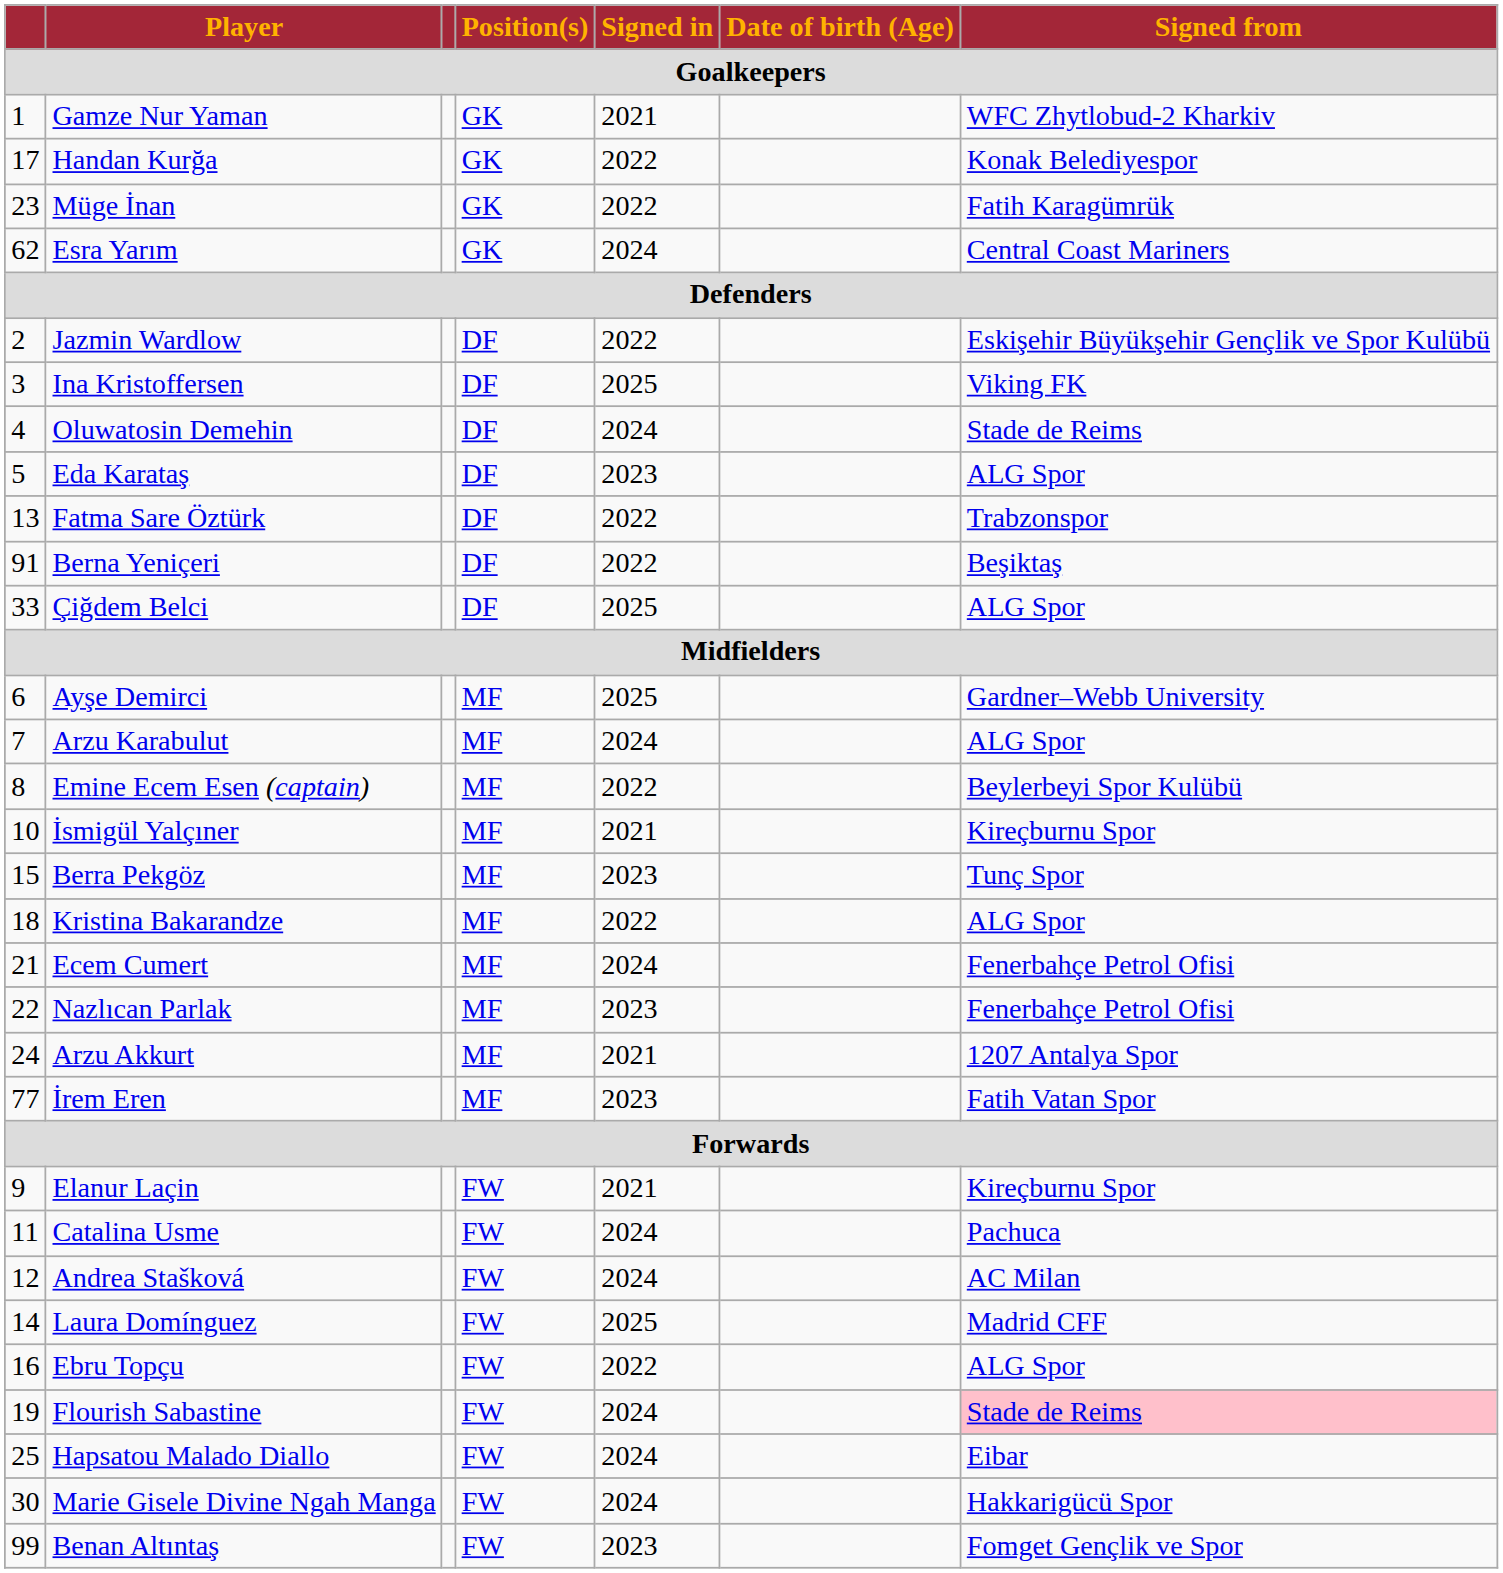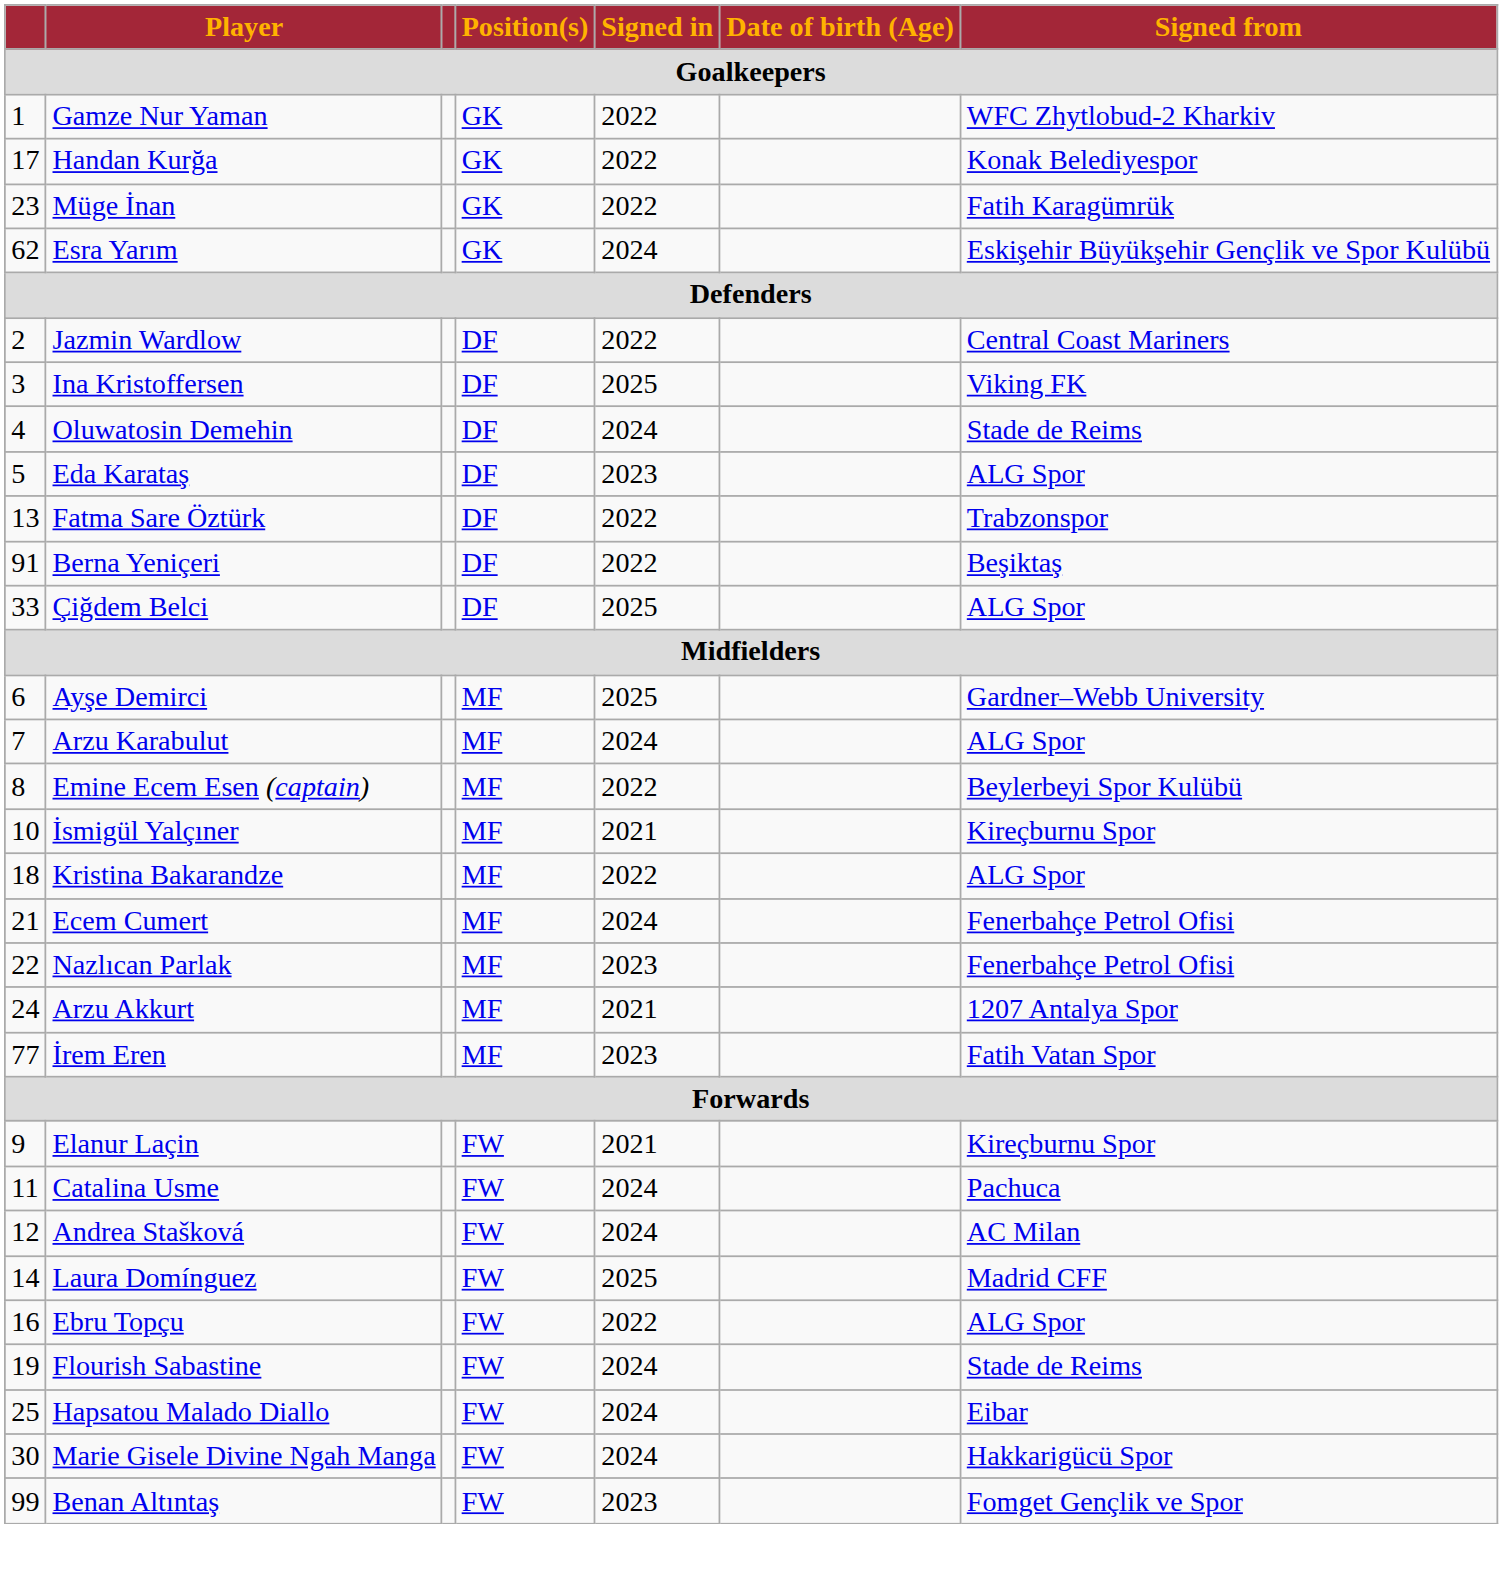 <table class="wikitable plainrowheaders sortable">
 <tr>
 <th style="background:#A32638; color:#FFB300; "></th>
 <th style="background:#A32638; color:#FFB300; ">Player</th>
 <th style="background:#A32638; color:#FFB300; "></th>
 <th style="background:#A32638; color:#FFB300; ">Position(s)</th>
 <th style="background:#A32638; color:#FFB300; ">Signed in</th>
 <th style="background:#A32638; color:#FFB300; ">Date of birth (Age)</th>
 <th style="background:#A32638; color:#FFB300; ">Signed from</th>
 </tr>
 <tr>
 <th colspan="7" style="background:#dcdcdc; text-align:center;">Goalkeepers</th>
 </tr>
 <tr>
 <td>1</td>
 <td><a href='#'>Gamze Nur Yaman</a></td>
 <td></td>
 <td><a href='#'>GK</a></td>
-<td>2021</td>
+<td>2022</td>
 <td></td>
 <td> <a href='#'>WFC Zhytlobud-2 Kharkiv</a></td>
 </tr>
 <tr>
 <td>17</td>
 <td><a href='#'>Handan Kurğa</a></td>
 <td></td>
 <td><a href='#'>GK</a></td>
 <td>2022</td>
 <td></td>
 <td> <a href='#'>Konak Belediyespor</a></td>
 </tr>
 <tr>
 <td>23</td>
 <td><a href='#'>Müge İnan</a></td>
 <td></td>
 <td><a href='#'>GK</a></td>
 <td>2022</td>
 <td></td>
 <td> <a href='#'>Fatih Karagümrük</a></td>
 </tr>
 <tr>
 <td>62</td>
 <td><a href='#'>Esra Yarım</a></td>
 <td></td>
 <td><a href='#'>GK</a></td>
 <td>2024</td>
 <td></td>
-<td> <a href='#'>Central Coast Mariners</a></td>
+<td> <a href='#'>Eskişehir Büyükşehir Gençlik ve Spor Kulübü</a></td>
 </tr>
 <tr>
 <th colspan="7" style="background:#dcdcdc; text-align:center;">Defenders</th>
 </tr>
 <tr>
 <td>2</td>
 <td><a href='#'>Jazmin Wardlow</a></td>
 <td></td>
 <td><a href='#'>DF</a></td>
 <td>2022</td>
 <td></td>
-<td> <a href='#'>Eskişehir Büyükşehir Gençlik ve Spor Kulübü</a></td>
+<td> <a href='#'>Central Coast Mariners</a></td>
 </tr>
 <tr>
 <td>3</td>
 <td><a href='#'>Ina Kristoffersen</a></td>
 <td></td>
 <td><a href='#'>DF</a></td>
 <td>2025</td>
 <td></td>
 <td> <a href='#'>Viking FK</a></td>
 </tr>
 <tr>
 <td>4</td>
 <td><a href='#'>Oluwatosin Demehin</a></td>
 <td></td>
 <td><a href='#'>DF</a></td>
 <td>2024</td>
 <td></td>
 <td> <a href='#'>Stade de Reims</a></td>
 </tr>
 <tr>
 <td>5</td>
 <td><a href='#'>Eda Karataş</a></td>
 <td></td>
 <td><a href='#'>DF</a></td>
 <td>2023</td>
 <td></td>
 <td> <a href='#'>ALG Spor</a></td>
 </tr>
 <tr>
 <td>13</td>
 <td><a href='#'>Fatma Sare Öztürk</a></td>
 <td></td>
 <td><a href='#'>DF</a></td>
 <td>2022</td>
 <td></td>
 <td> <a href='#'>Trabzonspor</a></td>
 </tr>
 <tr>
 <td>91</td>
 <td><a href='#'>Berna Yeniçeri</a></td>
 <td></td>
 <td><a href='#'>DF</a></td>
 <td>2022</td>
 <td></td>
 <td> <a href='#'>Beşiktaş</a></td>
 </tr>
 <tr>
 <td>33</td>
 <td><a href='#'>Çiğdem Belci</a></td>
 <td></td>
 <td><a href='#'>DF</a></td>
 <td>2025</td>
 <td></td>
 <td> <a href='#'>ALG Spor</a></td>
 </tr>
 <tr>
 <th colspan="7" style="background:#dcdcdc; text-align:center;">Midfielders</th>
 </tr>
 <tr>
 <td>6</td>
 <td><a href='#'>Ayşe Demirci</a></td>
 <td></td>
 <td><a href='#'>MF</a></td>
 <td>2025</td>
 <td></td>
 <td> <a href='#'>Gardner–Webb University</a></td>
 </tr>
 <tr>
 <td>7</td>
 <td><a href='#'>Arzu Karabulut</a></td>
 <td></td>
 <td><a href='#'>MF</a></td>
 <td>2024</td>
 <td></td>
 <td> <a href='#'>ALG Spor</a></td>
 </tr>
 <tr>
 <td>8</td>
 <td><a href='#'>Emine Ecem Esen</a> <em>(<a href='#'>captain</a>)</em></td>
 <td></td>
 <td><a href='#'>MF</a></td>
 <td>2022</td>
 <td></td>
 <td> <a href='#'>Beylerbeyi Spor Kulübü</a></td>
 </tr>
 <tr>
 <td>10</td>
 <td><a href='#'>İsmigül Yalçıner</a></td>
 <td></td>
 <td><a href='#'>MF</a></td>
 <td>2021</td>
 <td></td>
 <td> <a href='#'>Kireçburnu Spor</a></td>
-</tr>
-<tr>
-<td>15</td>
-<td><a href='#'>Berra Pekgöz</a></td>
-<td></td>
-<td><a href='#'>MF</a></td>
-<td>2023</td>
-<td></td>
-<td> <a href='#'>Tunç Spor</a></td>
 </tr>
 <tr>
 <td>18</td>
 <td><a href='#'>Kristina Bakarandze</a></td>
 <td></td>
 <td><a href='#'>MF</a></td>
 <td>2022</td>
 <td></td>
 <td> <a href='#'>ALG Spor</a></td>
 </tr>
 <tr>
 <td>21</td>
 <td><a href='#'>Ecem Cumert</a></td>
 <td></td>
 <td><a href='#'>MF</a></td>
 <td>2024</td>
 <td></td>
 <td> <a href='#'>Fenerbahçe Petrol Ofisi</a></td>
 </tr>
 <tr>
 <td>22</td>
 <td><a href='#'>Nazlıcan Parlak</a></td>
 <td></td>
 <td><a href='#'>MF</a></td>
 <td>2023</td>
 <td></td>
 <td> <a href='#'>Fenerbahçe Petrol Ofisi</a></td>
 </tr>
 <tr>
 <td>24</td>
 <td><a href='#'>Arzu Akkurt</a></td>
 <td></td>
 <td><a href='#'>MF</a></td>
 <td>2021</td>
 <td></td>
 <td> <a href='#'>1207 Antalya Spor</a></td>
 </tr>
 <tr>
 <td>77</td>
 <td><a href='#'>İrem Eren</a></td>
 <td></td>
 <td><a href='#'>MF</a></td>
 <td>2023</td>
 <td></td>
 <td> <a href='#'>Fatih Vatan Spor</a></td>
 </tr>
 <tr>
 <th colspan="7" style="background:#dcdcdc; text-align:center;">Forwards</th>
 </tr>
 <tr>
 <td>9</td>
 <td><a href='#'>Elanur Laçin</a></td>
 <td></td>
 <td><a href='#'>FW</a></td>
 <td>2021</td>
 <td></td>
 <td> <a href='#'>Kireçburnu Spor</a></td>
 </tr>
 <tr>
 <td>11</td>
 <td><a href='#'>Catalina Usme</a></td>
 <td></td>
 <td><a href='#'>FW</a></td>
 <td>2024</td>
 <td></td>
 <td> <a href='#'>Pachuca</a></td>
 </tr>
 <tr>
 <td>12</td>
 <td><a href='#'>Andrea Stašková</a></td>
 <td></td>
 <td><a href='#'>FW</a></td>
 <td>2024</td>
 <td></td>
 <td> <a href='#'>AC Milan</a></td>
 </tr>
 <tr>
 <td>14</td>
 <td><a href='#'>Laura Domínguez</a></td>
 <td></td>
 <td><a href='#'>FW</a></td>
 <td>2025</td>
 <td></td>
 <td> <a href='#'>Madrid CFF</a></td>
 </tr>
 <tr>
 <td>16</td>
 <td><a href='#'>Ebru Topçu</a></td>
 <td></td>
 <td><a href='#'>FW</a></td>
 <td>2022</td>
 <td></td>
 <td> <a href='#'>ALG Spor</a></td>
 </tr>
 <tr>
 <td>19</td>
 <td><a href='#'>Flourish Sabastine</a></td>
 <td></td>
 <td><a href='#'>FW</a></td>
 <td>2024</td>
 <td></td>
-<td style="background: pink;"> <a href='#'>Stade de Reims</a></td>
+<td> <a href='#'>Stade de Reims</a></td>
 </tr>
 <tr>
 <td>25</td>
 <td><a href='#'>Hapsatou Malado Diallo</a></td>
 <td></td>
 <td><a href='#'>FW</a></td>
 <td>2024</td>
 <td></td>
 <td> <a href='#'>Eibar</a></td>
 </tr>
 <tr>
 <td>30</td>
 <td><a href='#'>Marie Gisele Divine Ngah Manga</a></td>
 <td></td>
 <td><a href='#'>FW</a></td>
 <td>2024</td>
 <td></td>
 <td> <a href='#'>Hakkarigücü Spor</a></td>
 </tr>
 <tr>
 <td>99</td>
 <td><a href='#'>Benan Altıntaş</a></td>
 <td></td>
 <td><a href='#'>FW</a></td>
 <td>2023</td>
 <td></td>
 <td> <a href='#'>Fomget Gençlik ve Spor</a></td>
 </tr>
 </table>
